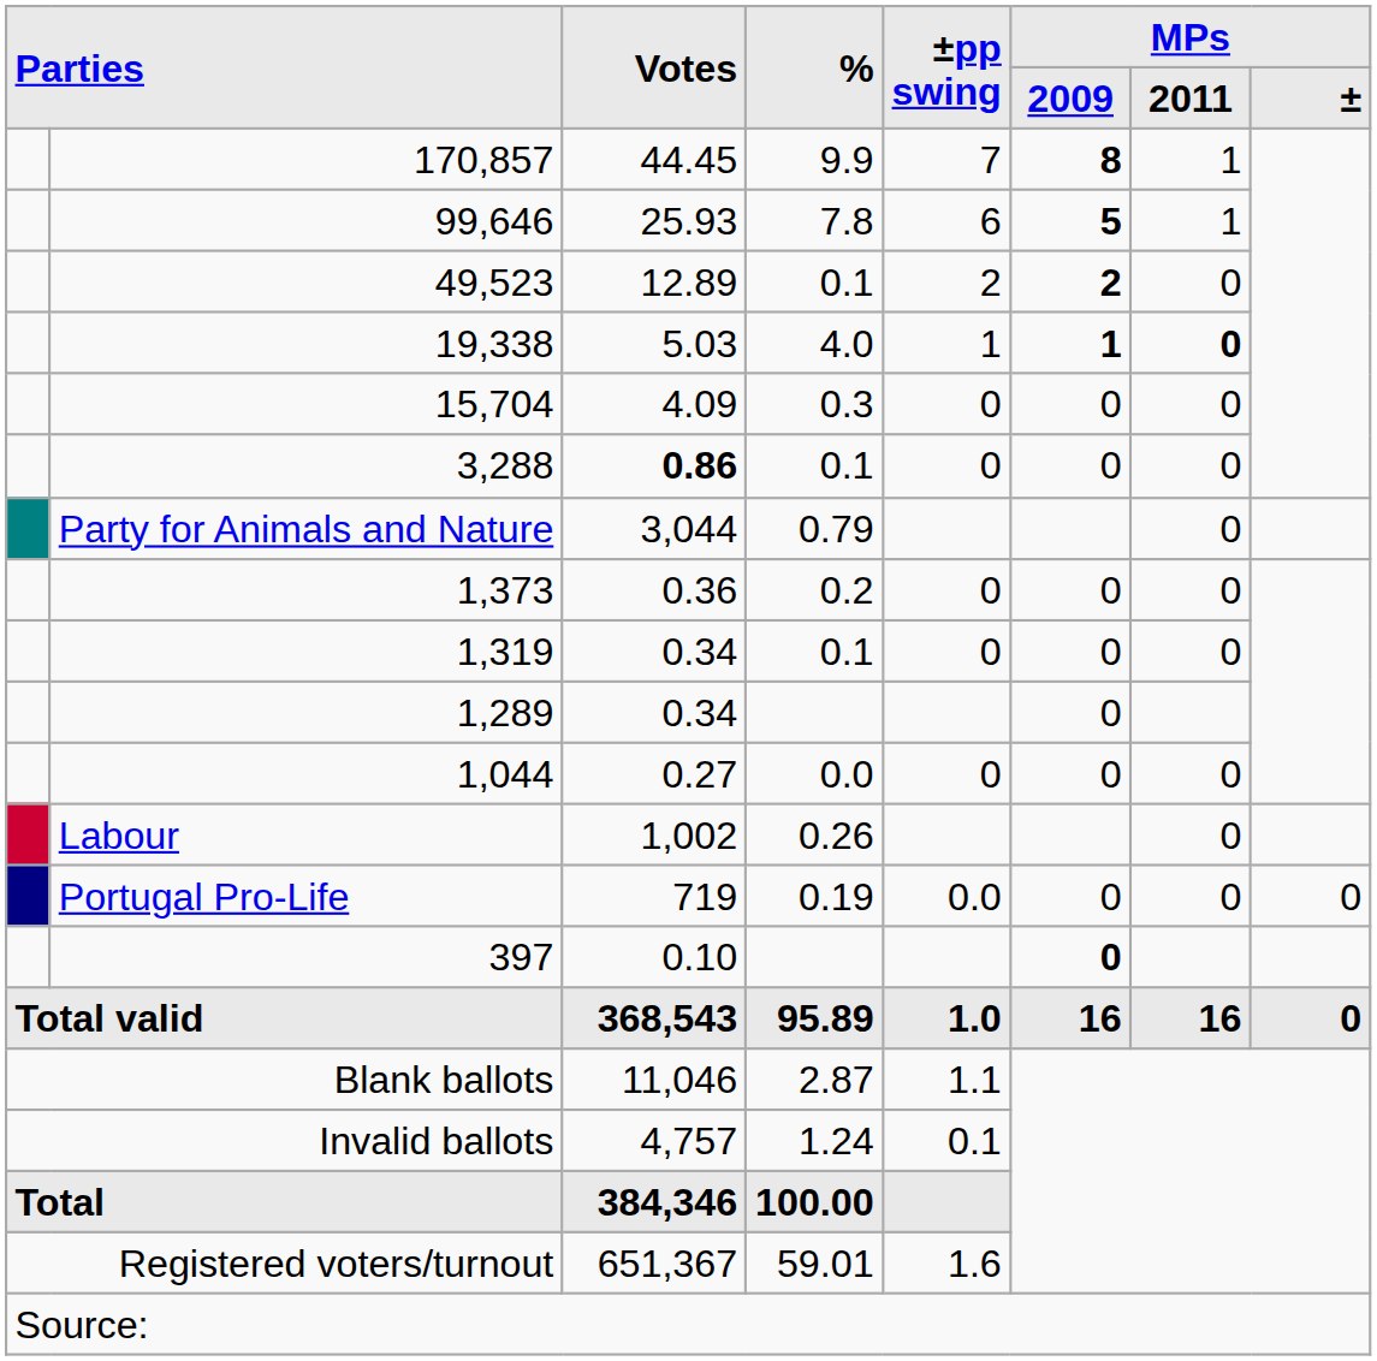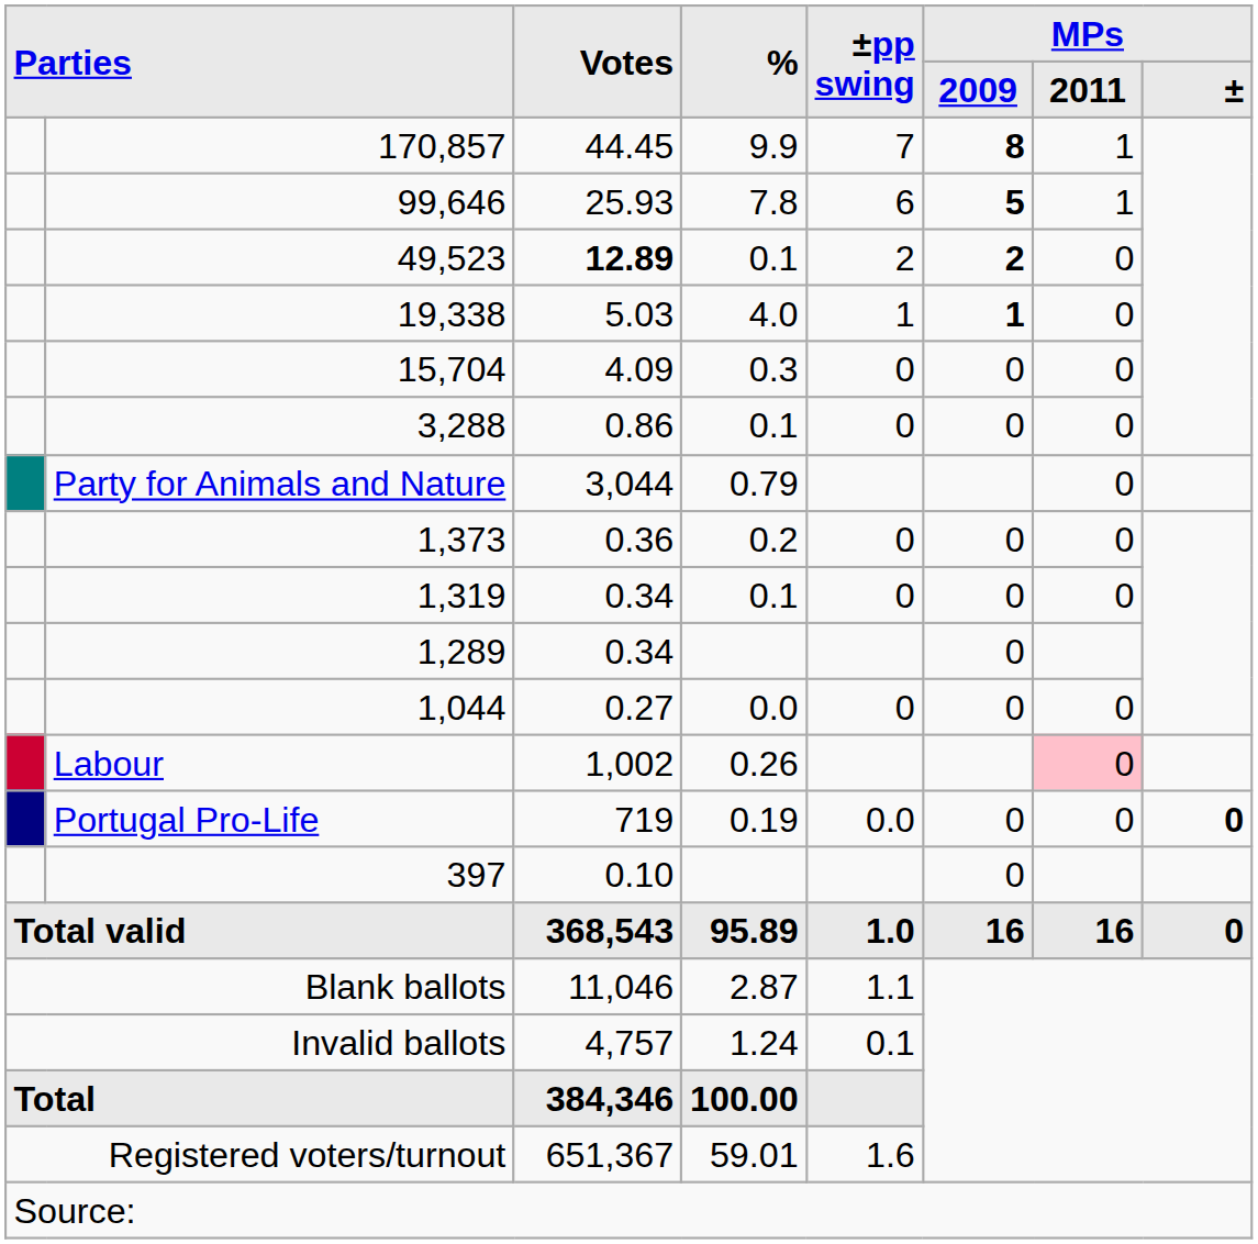 <table class="wikitable" style="text-align:right; font-size:95%;">
 <tr>
 <th rowspan="2" colspan="2" style="background:#e9e9e9; text-align:left;" alignleft><a href='#'>Parties</a></th>
 <th rowspan="2" style="background:#e9e9e9; text-align:right;">Votes</th>
 <th rowspan="2" style="background:#e9e9e9; text-align:right;">%</th>
 <th rowspan="2" style="background:#e9e9e9; text-align:right;">±<a href='#'>pp</a> <a href='#'>swing</a></th>
 <th colspan="3" style="background:#e9e9e9; text-align:center;"><a href='#'>MPs</a></th>
 </tr>
 <tr style="background-color:#E9E9E9">
 <th style="background-color:#E9E9E9;text-align:center;"><a href='#'>2009</a></th>
 <th style="background-color:#E9E9E9;text-align:center;">2011</th>
 <th style="background:#e9e9e9; text-align:right;">±</th>
 </tr>
 <tr>
 <td></td>
 <td>170,857</td>
 <td>44.45</td>
 <td>9.9</td>
 <td>7</td>
 <td><strong>8</strong></td>
 <td>1</td>
 </tr>
 <tr>
 <td></td>
 <td>99,646</td>
 <td>25.93</td>
 <td>7.8</td>
 <td>6</td>
 <td><strong>5</strong></td>
 <td>1</td>
 </tr>
 <tr>
 <td></td>
 <td>49,523</td>
-<td>12.89</td>
+<td><strong>12.89</strong></td>
 <td>0.1</td>
 <td>2</td>
 <td><strong>2</strong></td>
 <td>0</td>
 </tr>
 <tr>
 <td></td>
 <td>19,338</td>
 <td>5.03</td>
 <td>4.0</td>
 <td>1</td>
 <td><strong>1</strong></td>
-<td><strong>0</strong></td>
+<td>0</td>
 </tr>
 <tr>
 <td></td>
 <td>15,704</td>
 <td>4.09</td>
 <td>0.3</td>
 <td>0</td>
 <td>0</td>
 <td>0</td>
 </tr>
 <tr>
 <td></td>
 <td>3,288</td>
-<td><strong>0.86</strong></td>
+<td>0.86</td>
 <td>0.1</td>
 <td>0</td>
 <td>0</td>
 <td>0</td>
 </tr>
 <tr>
 <td style="width: 10px" bgcolor="teal" align="center"></td>
 <td align="left"><a href='#'>Party for Animals and Nature</a></td>
 <td>3,044</td>
 <td>0.79</td>
 <td></td>
 <td></td>
 <td>0</td>
 <td></td>
 </tr>
 <tr>
 <td></td>
 <td>1,373</td>
 <td>0.36</td>
 <td>0.2</td>
 <td>0</td>
 <td>0</td>
 <td>0</td>
 </tr>
 <tr>
 <td></td>
 <td>1,319</td>
 <td>0.34</td>
 <td>0.1</td>
 <td>0</td>
 <td>0</td>
 <td>0</td>
 </tr>
 <tr>
 <td></td>
 <td>1,289</td>
 <td>0.34</td>
 <td></td>
 <td></td>
 <td>0</td>
 <td></td>
 </tr>
 <tr>
 <td></td>
 <td>1,044</td>
 <td>0.27</td>
 <td>0.0</td>
 <td>0</td>
 <td>0</td>
 <td>0</td>
 </tr>
 <tr>
 <td style="width: 10px" bgcolor=#CC0033 align="center"></td>
 <td align=left><a href='#'>Labour</a></td>
 <td>1,002</td>
 <td>0.26</td>
 <td></td>
 <td></td>
-<td>0</td>
+<td style="background: pink;">0</td>
 <td></td>
 </tr>
 <tr>
 <td style="width:10px;background-color:#000080;text-align:center;"></td>
 <td style="text-align:left;"><a href='#'>Portugal Pro-Life</a></td>
 <td>719</td>
 <td>0.19</td>
 <td>0.0</td>
 <td>0</td>
 <td>0</td>
-<td>0</td>
+<td><strong>0</strong></td>
 </tr>
 <tr>
 <td></td>
 <td>397</td>
 <td>0.10</td>
 <td></td>
 <td></td>
-<td><strong>0</strong></td>
+<td>0</td>
 <td></td>
 </tr>
 <tr>
 <td colspan=2 align=left style="background-color:#E9E9E9"><strong>Total valid</strong></td>
 <td width="65" align="right" style="background-color:#E9E9E9"><strong>368,543</strong></td>
 <td width="40" align="right" style="background-color:#E9E9E9"><strong>95.89</strong></td>
 <td width="40" align="right" style="background-color:#E9E9E9"><strong>1.0</strong></td>
 <td width="40" align="right" style="background-color:#E9E9E9"><strong>16</strong></td>
 <td width="40" align="right" style="background-color:#E9E9E9"><strong>16</strong></td>
 <td width="40" align="right" style="background-color:#E9E9E9"><strong>0</strong></td>
 </tr>
 <tr>
 <td colspan=2>Blank ballots</td>
 <td>11,046</td>
 <td>2.87</td>
 <td>1.1</td>
 <td colspan=4 rowspan=4></td>
 </tr>
 <tr>
 <td colspan=2>Invalid ballots</td>
 <td>4,757</td>
 <td>1.24</td>
 <td>0.1</td>
 </tr>
 <tr>
 <td colspan=2 align=left style="background-color:#E9E9E9"><strong>Total</strong></td>
 <td width="50" align="right" style="background-color:#E9E9E9"><strong>384,346</strong></td>
 <td width="40" align="right" style="background-color:#E9E9E9"><strong>100.00</strong></td>
 <td width="40" align="right" style="background-color:#E9E9E9"></td>
 </tr>
 <tr>
 <td colspan=2>Registered voters/turnout</td>
 <td>651,367</td>
 <td>59.01</td>
 <td>1.6</td>
 </tr>
 <tr>
 <td colspan=11 align=left>Source: </td>
 </tr>
 </table>
